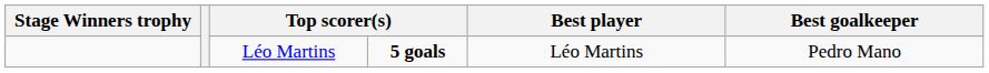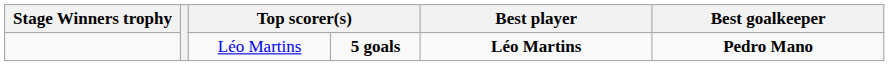 <table class="wikitable" style="text-align: center; font-size: 95%;">
 <tr>
 <th width=150>Stage Winners trophy</th>
 <th rowspan=2></th>
 <th width=200 colspan=2>Top scorer(s)</th>
 <th width=200>Best player</th>
 <th width=200>Best goalkeeper</th>
 </tr>
 <tr align=center style="background:">
 <td style="text-align:center;"></td>
 <td> <a href='#'>Léo Martins</a></td>
 <td><strong>5 goals</strong></td>
-<td> Léo Martins</td>
-<td> Pedro Mano</td>
+<td><strong> Léo Martins</strong></td>
+<td><strong> Pedro Mano</strong></td>
 </tr>
 </table>
